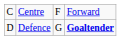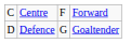 <table class="wikitable">
 <tr>
 <td>C</td>
 <td><a href='#'>Centre</a></td>
 <td>F</td>
 <td><a href='#'>Forward</a></td>
 </tr>
 <tr>
 <td>D</td>
 <td><a href='#'>Defence</a></td>
 <td>G</td>
-<td><strong><a href='#'>Goaltender</a></strong></td>
+<td><a href='#'>Goaltender</a></td>
 </tr>
 </table>
